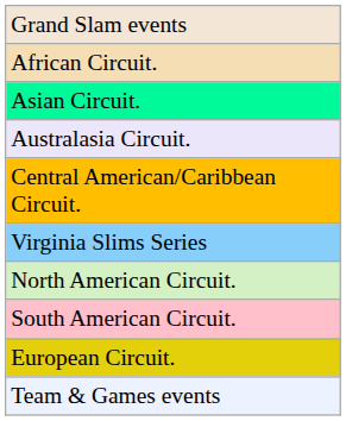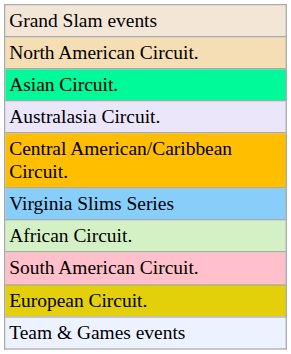 <table class=wikitable style=font-size:95%;width:25%>
 <tr style="background:#F3E6D7">
 <td>Grand Slam events</td>
 </tr>
 <tr style="background:#F5DEB3;">
-<td>African Circuit.</td>
+<td>North American Circuit.</td>
 </tr>
 <tr style="background:#00FA9A;">
 <td>Asian Circuit.</td>
 </tr>
 <tr style="background:#ebe6fa;">
 <td>Australasia Circuit.</td>
 </tr>
 <tr style="background:#FFBF00;">
 <td>Central American/Caribbean Circuit.</td>
 </tr>
 <tr style="background:#87CEFA;">
 <td>Virginia Slims Series</td>
 </tr>
 <tr style="background:#D4F1C5;">
-<td>North American Circuit.</td>
+<td>African Circuit.</td>
 </tr>
 <tr style="background:#FFC0CB;">
 <td>South American Circuit.</td>
 </tr>
 <tr style="background:#E4D00A;">
 <td>European Circuit.</td>
 </tr>
 <tr style="background:#ECF2FF;">
 <td>Team & Games events</td>
 </tr>
 </table>
